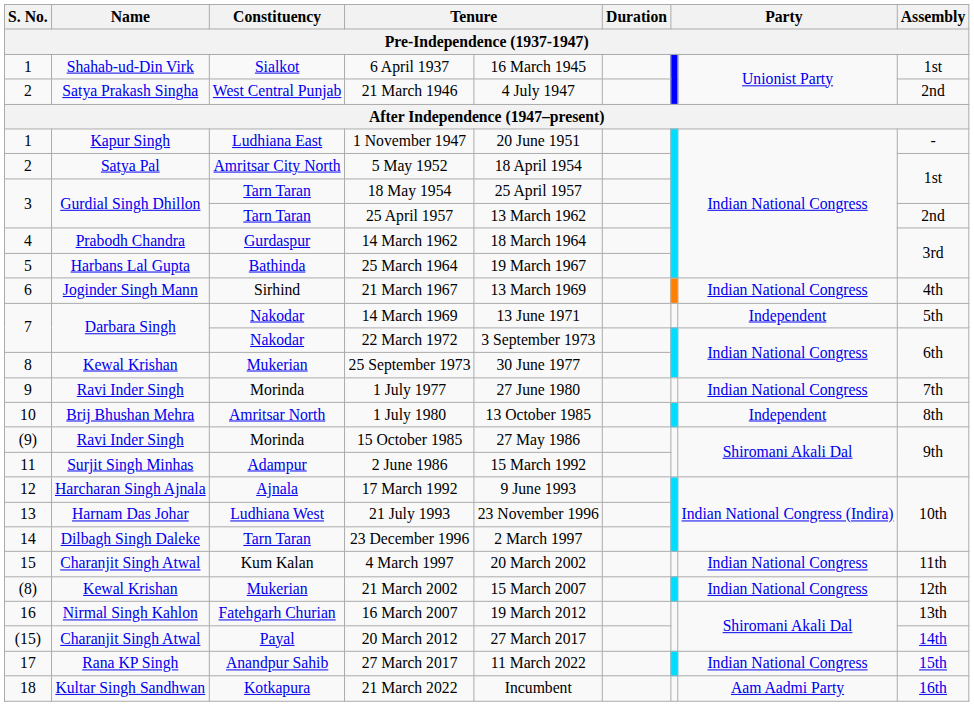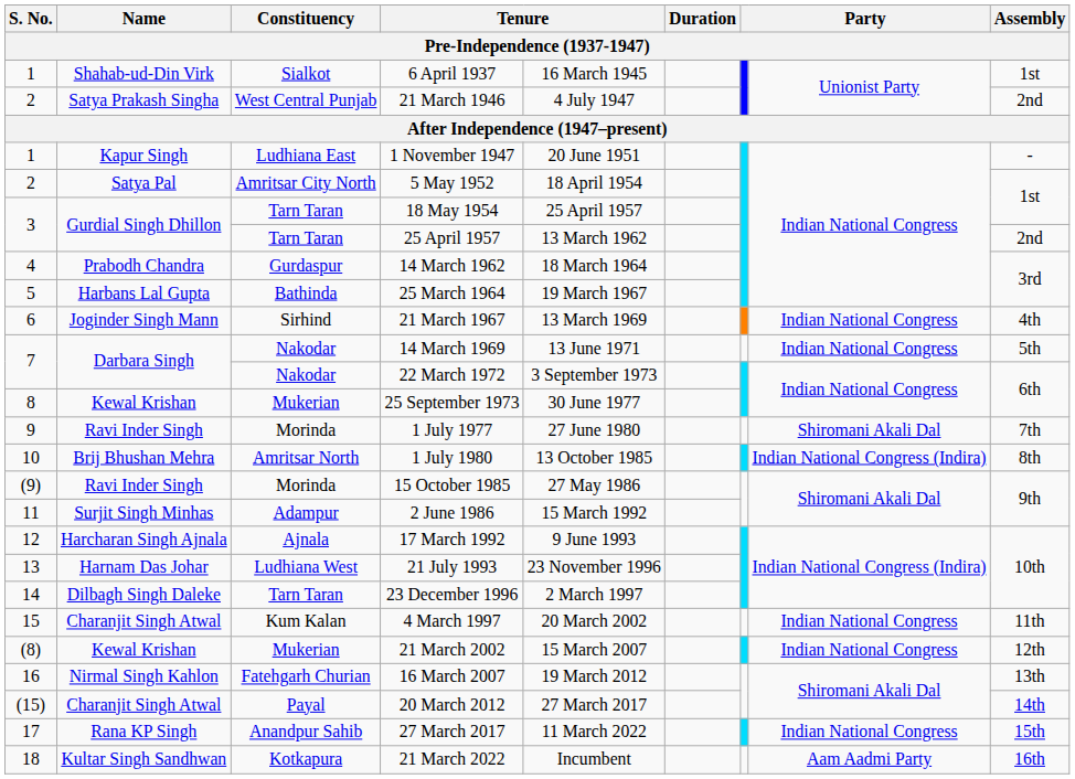 <table class="wikitable" style="text-align:center">
 <tr>
 <th>S. No.</th>
 <th>Name</th>
 <th>Constituency</th>
 <th colspan=2>Tenure</th>
 <th>Duration</th>
 <th colspan=2>Party</th>
 <th>Assembly</th>
 </tr>
 <tr>
 <th colspan="10">Pre-Independence (1937-1947)</th>
 </tr>
 <tr>
 <td>1</td>
 <td><a href='#'>Shahab-ud-Din Virk</a></td>
 <td><a href='#'>Sialkot</a></td>
 <td>6 April 1937</td>
 <td>16 March 1945</td>
 <td><strong></strong></td>
 <td rowspan=2 bgcolor=blue></td>
 <td rowspan=2><a href='#'>Unionist Party</a></td>
 <td>1st</td>
 </tr>
 <tr>
 <td>2</td>
 <td><a href='#'>Satya Prakash Singha</a></td>
 <td><a href='#'>West Central Punjab</a></td>
 <td>21 March 1946</td>
 <td>4 July 1947</td>
 <td><strong></strong></td>
 <td>2nd</td>
 </tr>
 <tr>
 <th colspan="10">After Independence (1947–present)</th>
 </tr>
 <tr>
 <td>1</td>
 <td><a href='#'>Kapur Singh</a></td>
 <td><a href='#'>Ludhiana East</a></td>
 <td>1 November 1947</td>
 <td>20 June 1951</td>
 <td><strong></strong></td>
 <td rowspan=6 bgcolor=#00DDFF></td>
 <td rowspan=6><a href='#'>Indian National Congress</a></td>
 <td>-</td>
 </tr>
 <tr>
 <td>2</td>
 <td><a href='#'>Satya Pal</a></td>
 <td><a href='#'>Amritsar City North</a></td>
 <td>5 May 1952</td>
 <td>18 April 1954</td>
 <td><strong></strong></td>
 <td rowspan=2>1st</td>
 </tr>
 <tr>
 <td rowspan=2>3</td>
 <td rowspan=2><a href='#'>Gurdial Singh Dhillon</a></td>
 <td><a href='#'>Tarn Taran</a></td>
 <td>18 May 1954</td>
 <td>25 April 1957</td>
 <td><strong></strong></td>
 </tr>
 <tr>
 <td><a href='#'>Tarn Taran</a></td>
 <td>25 April 1957</td>
 <td>13 March 1962</td>
 <td><strong></strong></td>
 <td>2nd</td>
 </tr>
 <tr>
 <td>4</td>
 <td><a href='#'>Prabodh Chandra</a></td>
 <td><a href='#'>Gurdaspur</a></td>
 <td>14 March 1962</td>
 <td>18 March 1964</td>
 <td><strong></strong></td>
 <td rowspan=2>3rd</td>
 </tr>
 <tr>
 <td>5</td>
 <td><a href='#'>Harbans Lal Gupta</a></td>
 <td><a href='#'>Bathinda</a></td>
 <td>25 March 1964</td>
 <td>19 March 1967</td>
 <td><strong></strong></td>
 </tr>
 <tr>
 <td>6</td>
 <td><a href='#'>Joginder Singh Mann</a></td>
 <td>Sirhind</td>
 <td>21 March 1967</td>
 <td>13 March 1969</td>
 <td><strong></strong></td>
 <td bgcolor=#FF8000></td>
 <td><a href='#'>Indian National Congress</a></td>
 <td>4th</td>
 </tr>
 <tr>
 <td rowspan=2>7</td>
 <td rowspan=2><a href='#'>Darbara Singh</a></td>
 <td><a href='#'>Nakodar</a></td>
 <td>14 March 1969</td>
 <td>13 June 1971</td>
 <td><strong></strong></td>
 <td></td>
-<td><a href='#'>Independent</a></td>
+<td><a href='#'>Indian National Congress</a></td>
 <td>5th</td>
 </tr>
 <tr>
 <td><a href='#'>Nakodar</a></td>
 <td>22 March 1972</td>
 <td>3 September 1973</td>
 <td><strong></strong></td>
 <td rowspan=2 bgcolor=#00DDFF></td>
 <td rowspan=2><a href='#'>Indian National Congress</a></td>
 <td rowspan=2>6th</td>
 </tr>
 <tr>
 <td>8</td>
 <td><a href='#'>Kewal Krishan</a></td>
 <td><a href='#'>Mukerian</a></td>
 <td>25 September 1973</td>
 <td>30 June 1977</td>
 <td><strong></strong></td>
 </tr>
 <tr>
 <td>9</td>
 <td><a href='#'>Ravi Inder Singh</a></td>
 <td>Morinda</td>
 <td>1 July 1977</td>
 <td>27 June 1980</td>
 <td><strong></strong></td>
 <td bgcolor=></td>
-<td><a href='#'>Indian National Congress</a></td>
+<td><a href='#'>Shiromani Akali Dal</a></td>
 <td>7th</td>
 </tr>
 <tr>
 <td>10</td>
 <td><a href='#'>Brij Bhushan Mehra</a></td>
 <td><a href='#'>Amritsar North</a></td>
 <td>1 July 1980</td>
 <td>13 October 1985</td>
 <td><strong></strong></td>
 <td bgcolor=#00DDFF></td>
-<td><a href='#'>Independent</a></td>
+<td><a href='#'>Indian National Congress (Indira)</a></td>
 <td>8th</td>
 </tr>
 <tr>
 <td>(9)</td>
 <td><a href='#'>Ravi Inder Singh</a></td>
 <td>Morinda</td>
 <td>15 October 1985</td>
 <td>27 May 1986</td>
 <td><strong></strong></td>
 <td rowspan=2 bgcolor= ></td>
 <td rowspan=2><a href='#'>Shiromani Akali Dal</a></td>
 <td rowspan=2>9th</td>
 </tr>
 <tr>
 <td>11</td>
 <td><a href='#'>Surjit Singh Minhas</a></td>
 <td><a href='#'>Adampur</a></td>
 <td>2 June 1986</td>
 <td>15 March 1992</td>
 <td><strong></strong></td>
 </tr>
 <tr>
 <td>12</td>
 <td><a href='#'>Harcharan Singh Ajnala</a></td>
 <td><a href='#'>Ajnala</a></td>
 <td>17 March 1992</td>
 <td>9 June 1993</td>
 <td><strong></strong></td>
 <td rowspan=3 bgcolor=#00DDFF></td>
 <td rowspan=3><a href='#'>Indian National Congress (Indira)</a></td>
 <td rowspan=3>10th</td>
 </tr>
 <tr>
 <td>13</td>
 <td><a href='#'>Harnam Das Johar</a></td>
 <td><a href='#'>Ludhiana West</a></td>
 <td>21 July 1993</td>
 <td>23 November 1996</td>
 <td><strong></strong></td>
 </tr>
 <tr>
 <td>14</td>
 <td><a href='#'>Dilbagh Singh Daleke</a></td>
 <td><a href='#'>Tarn Taran</a></td>
 <td>23 December 1996</td>
 <td>2 March 1997</td>
 <td><strong></strong></td>
 </tr>
 <tr>
 <td>15</td>
 <td><a href='#'>Charanjit Singh Atwal</a></td>
 <td>Kum Kalan</td>
 <td>4 March 1997</td>
 <td>20 March 2002</td>
 <td><strong></strong></td>
 <td bgcolor=></td>
 <td><a href='#'>Indian National Congress</a></td>
 <td>11th</td>
 </tr>
 <tr>
 <td>(8)</td>
 <td><a href='#'>Kewal Krishan</a></td>
 <td><a href='#'>Mukerian</a></td>
 <td>21 March 2002</td>
 <td>15 March 2007</td>
 <td><strong></strong></td>
 <td bgcolor=#00DDFF></td>
 <td><a href='#'>Indian National Congress</a></td>
 <td>12th</td>
 </tr>
 <tr>
 <td>16</td>
 <td><a href='#'>Nirmal Singh Kahlon</a></td>
 <td><a href='#'>Fatehgarh Churian</a></td>
 <td>16 March 2007</td>
 <td>19 March 2012</td>
 <td><strong></strong></td>
 <td rowspan=2 bgcolor= ></td>
 <td rowspan=2><a href='#'>Shiromani Akali Dal</a></td>
 <td>13th</td>
 </tr>
 <tr>
 <td>(15)</td>
 <td><a href='#'>Charanjit Singh Atwal</a></td>
 <td><a href='#'>Payal</a></td>
 <td>20 March 2012</td>
 <td>27 March 2017</td>
 <td><strong></strong></td>
 <td><a href='#'>14th</a></td>
 </tr>
 <tr>
 <td>17</td>
 <td><a href='#'>Rana KP Singh</a></td>
 <td><a href='#'>Anandpur Sahib</a></td>
 <td>27 March 2017</td>
 <td>11 March 2022</td>
 <td><strong></strong></td>
 <td bgcolor=#OODDFF></td>
 <td><a href='#'>Indian National Congress</a></td>
 <td><a href='#'>15th</a></td>
 </tr>
 <tr>
 <td>18</td>
 <td><a href='#'>Kultar Singh Sandhwan</a></td>
 <td><a href='#'>Kotkapura</a></td>
 <td>21 March 2022</td>
 <td>Incumbent</td>
 <td><strong></strong></td>
 <td bgcolor= ></td>
 <td><a href='#'>Aam Aadmi Party</a></td>
 <td><a href='#'>16th</a></td>
 </tr>
 </table>
